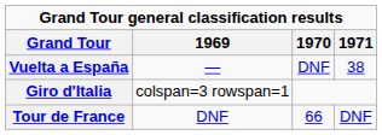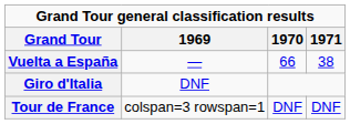 <table class="wikitable plainrowheaders">
 <tr>
 <td colspan=5 align="center"><strong>Grand Tour general classification results</strong></td>
 </tr>
 <tr>
 <th scope="col"><a href='#'>Grand Tour</a></th>
 <th scope="col">1969</th>
 <th scope="col">1970</th>
 <th scope="col">1971</th>
 </tr>
 <tr style="text-align:center;">
 <th scope="row"> <a href='#'>Vuelta a España</a></th>
 <td><a href='#'>—</a></td>
-<td><a href='#'>DNF</a></td>
+<td><a href='#'>66</a></td>
 <td><a href='#'>38</a></td>
 </tr>
 <tr style="text-align:center;">
 <th scope="row"> <a href='#'>Giro d'Italia</a></th>
-<td>colspan=3 rowspan=1 </td>
+<td><a href='#'>DNF</a></td>
 </tr>
 <tr style="text-align:center;">
 <th scope="row"> <a href='#'>Tour de France</a></th>
+<td>colspan=3 rowspan=1 </td>
 <td><a href='#'>DNF</a></td>
-<td><a href='#'>66</a></td>
 <td><a href='#'>DNF</a></td>
 </tr>
 </table>
